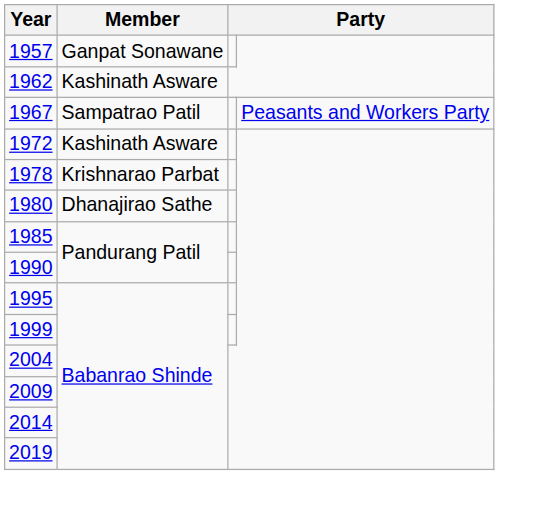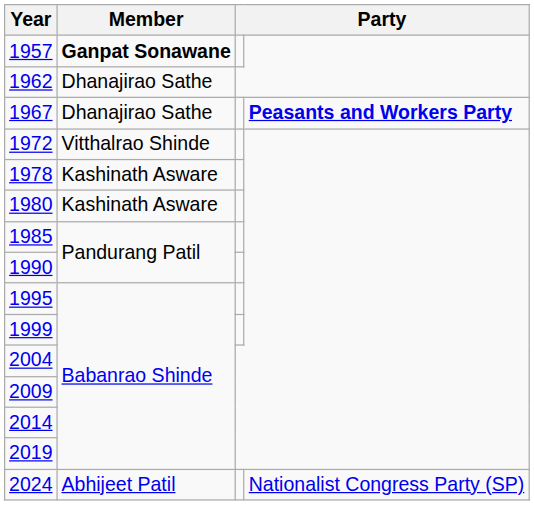 <table class="wikitable">
 <tr>
 <th>Year</th>
 <th>Member</th>
 <th colspan="2">Party</th>
 </tr>
 <tr>
 <td><a href='#'>1957</a></td>
-<td>Ganpat Sonawane</td>
+<td><strong>Ganpat Sonawane</strong></td>
 <td></td>
 </tr>
 <tr>
 <td><a href='#'>1962</a></td>
-<td>Kashinath Asware</td>
+<td>Dhanajirao Sathe</td>
 </tr>
 <tr>
 <td><a href='#'>1967</a></td>
-<td>Sampatrao Patil</td>
+<td>Dhanajirao Sathe</td>
 <td style="background-color: "></td>
-<td><a href='#'>Peasants and Workers Party</a></td>
+<td><strong><a href='#'>Peasants and Workers Party</a></strong></td>
 </tr>
 <tr>
 <td><a href='#'>1972</a></td>
+<td>Vitthalrao Shinde</td>
+<td></td>
+</tr>
+<tr>
+<td><a href='#'>1978</a></td>
 <td>Kashinath Asware</td>
 <td></td>
 </tr>
 <tr>
-<td><a href='#'>1978</a></td>
-<td>Krishnarao Parbat</td>
-<td></td>
-</tr>
-<tr>
 <td><a href='#'>1980</a></td>
-<td>Dhanajirao Sathe</td>
+<td>Kashinath Asware</td>
 <td></td>
 </tr>
 <tr>
 <td><a href='#'>1985</a></td>
 <td rowspan="2">Pandurang Patil</td>
 <td></td>
 </tr>
 <tr>
 <td><a href='#'>1990</a></td>
 <td></td>
 </tr>
 <tr>
 <td><a href='#'>1995</a></td>
 <td rowspan="6"><a href='#'>Babanrao Shinde</a></td>
 <td></td>
 </tr>
 <tr>
 <td><a href='#'>1999</a></td>
 <td></td>
 </tr>
 <tr>
 <td><a href='#'>2004</a></td>
 </tr>
 <tr>
 <td><a href='#'>2009</a></td>
 </tr>
 <tr>
 <td><a href='#'>2014</a></td>
 </tr>
 <tr>
 <td><a href='#'>2019</a></td>
 </tr>
+<tr>
+<td><a href='#'>2024</a></td>
+<td><a href='#'>Abhijeet Patil</a></td>
+<td style="background-color: "></td>
+<td><a href='#'>Nationalist Congress Party (SP)</a></td>
+</tr>
 </table>
